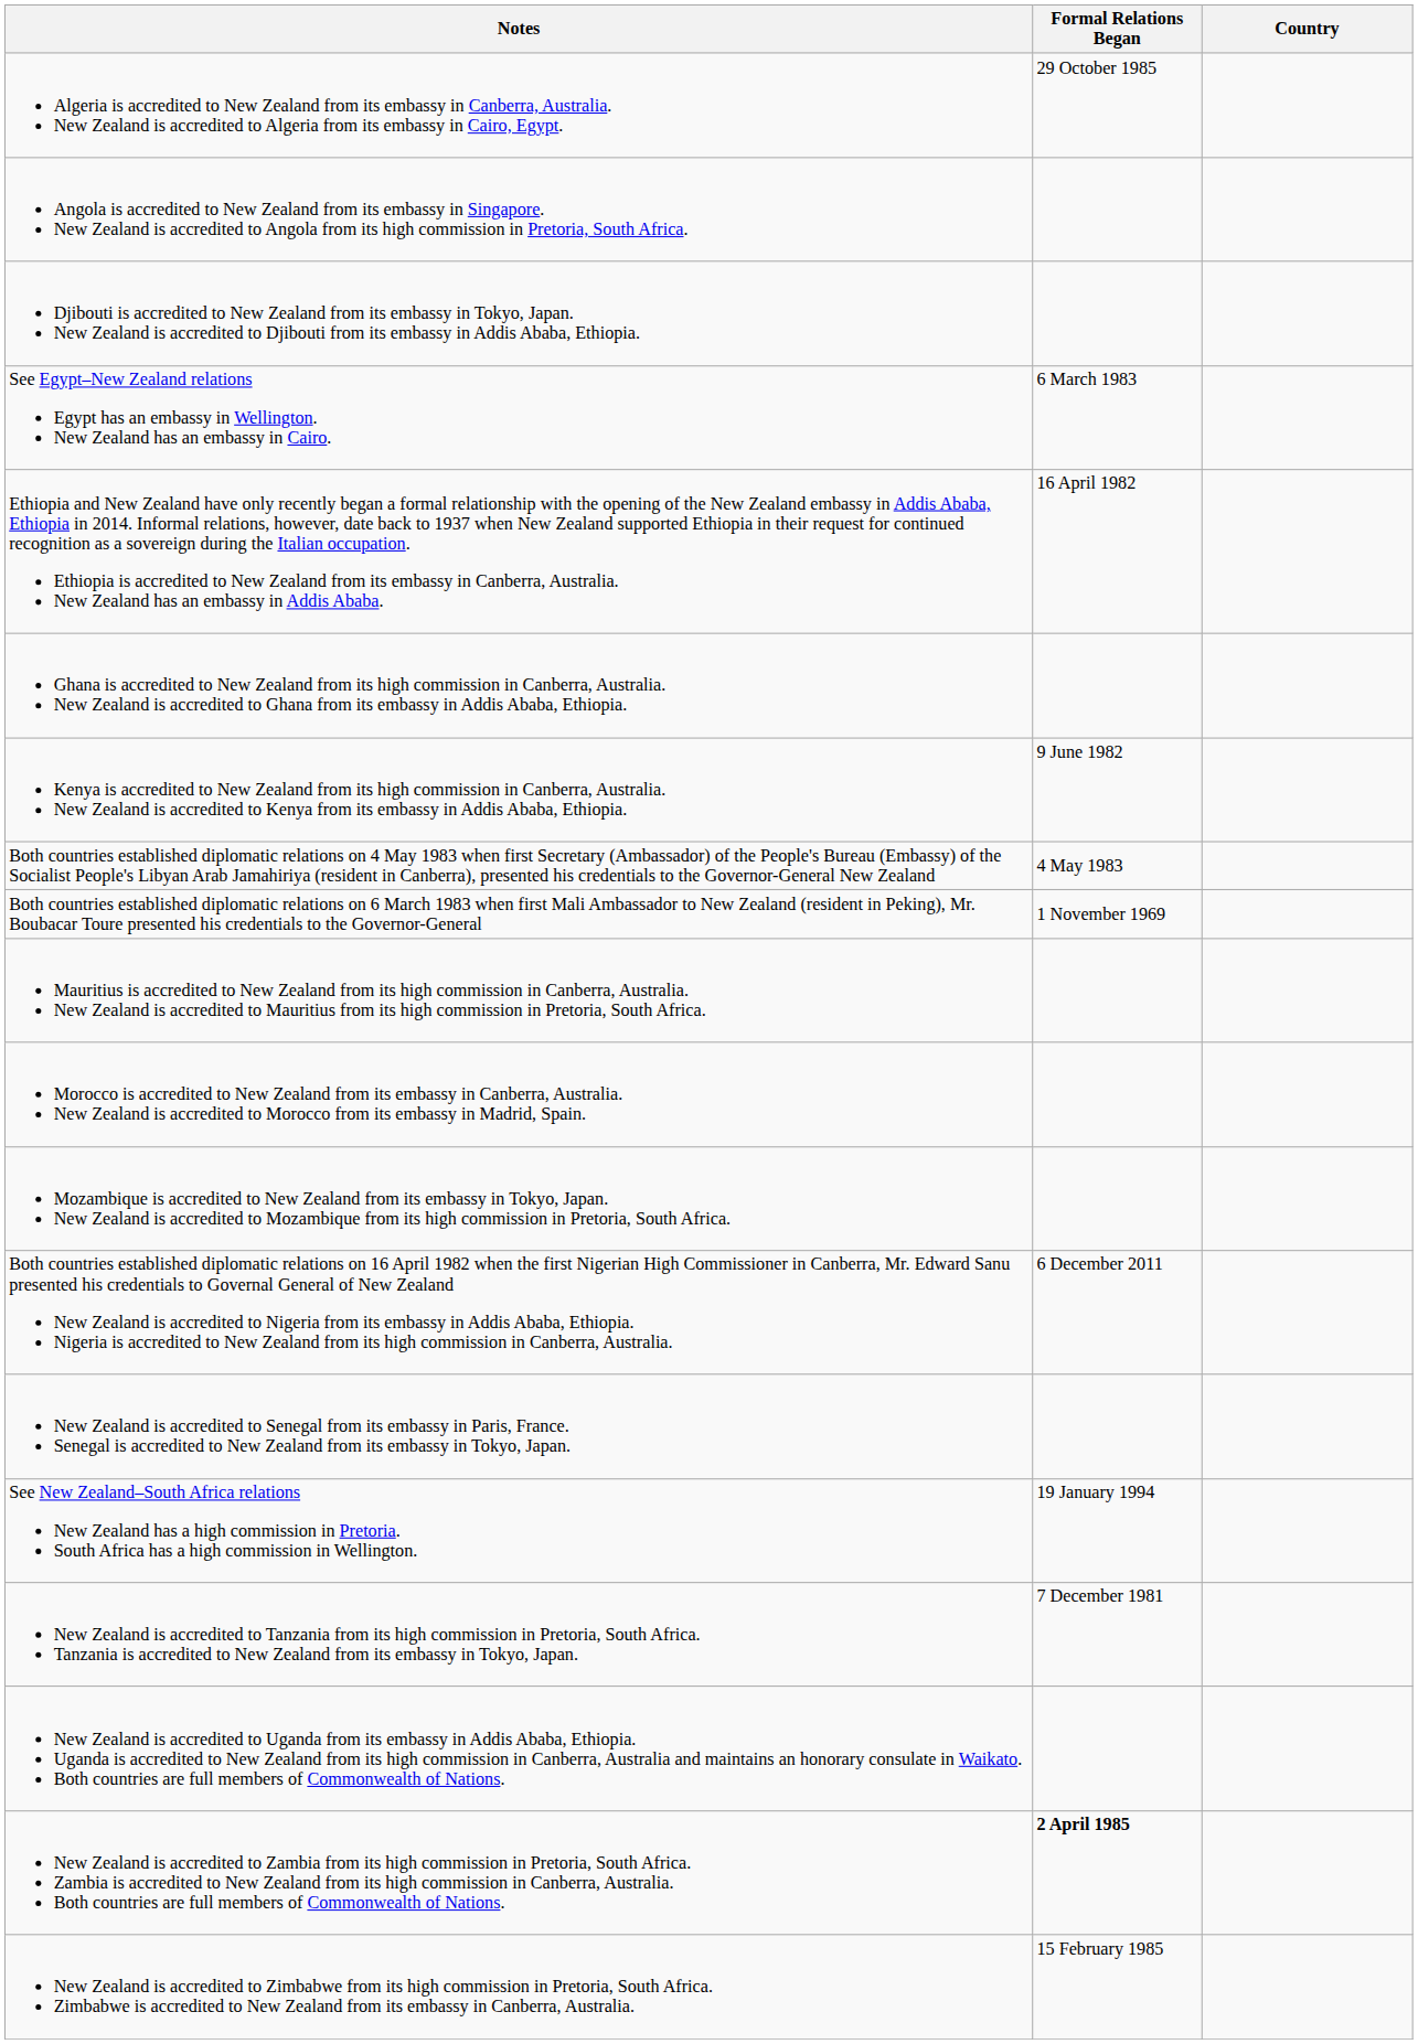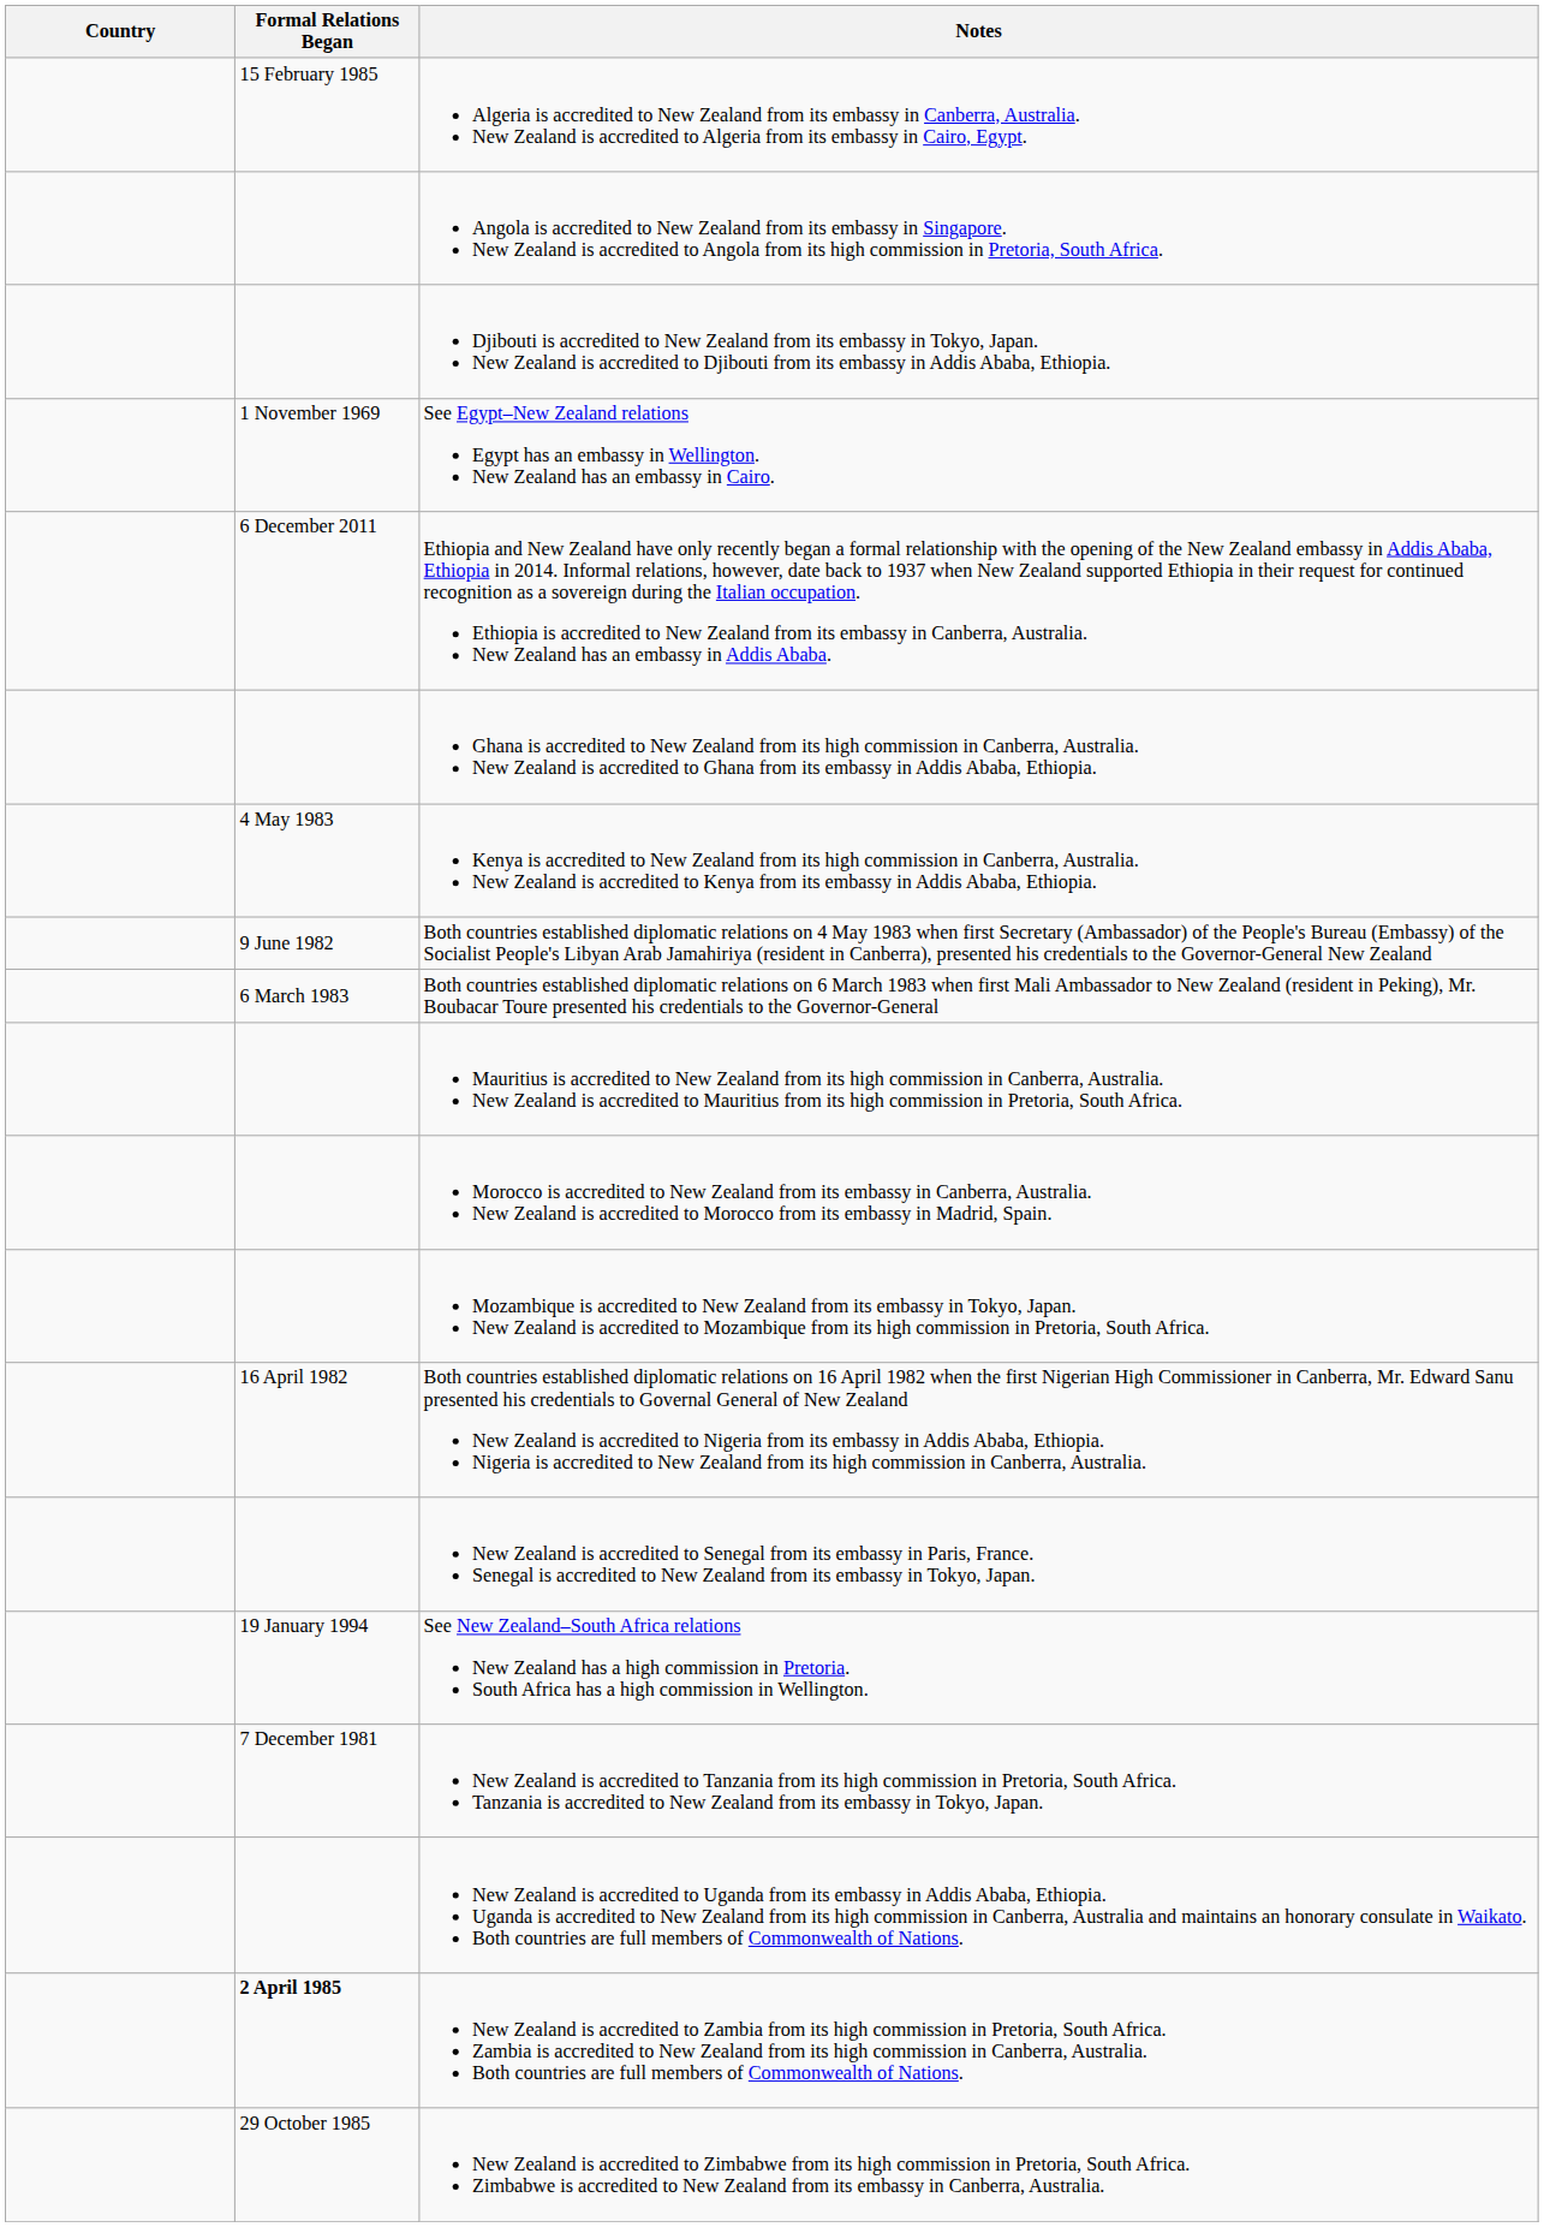 <table class="wikitable sortable" style="width:100%; margin:auto;">
 <tr>
+<th style="width:15%;">Country</th>
+<th style="width:12%;">Formal Relations Began</th>
 <th>Notes</th>
-<th style="width:12%;">Formal Relations Began</th>
-<th style="width:15%;">Country</th>
 </tr>
 <tr valign="top">
+<td></td>
+<td>15 February 1985</td>
 <td><br><ul><li>Algeria is accredited to New Zealand from its embassy in <a href='#'>Canberra, Australia</a>.</li><li>New Zealand is accredited to Algeria from its embassy in <a href='#'>Cairo, Egypt</a>.</li></ul></td>
-<td>29 October 1985</td>
-<td></td>
 </tr>
 <tr valign="top">
-<td><br><ul><li>Angola is accredited to New Zealand from its embassy in <a href='#'>Singapore</a>.</li><li>New Zealand is accredited to Angola from its high commission in <a href='#'>Pretoria, South Africa</a>.</li></ul></td>
 <td></td>
 <td></td>
+<td><br><ul><li>Angola is accredited to New Zealand from its embassy in <a href='#'>Singapore</a>.</li><li>New Zealand is accredited to Angola from its high commission in <a href='#'>Pretoria, South Africa</a>.</li></ul></td>
 </tr>
 <tr valign="top">
-<td><br><ul><li>Djibouti is accredited to New Zealand from its embassy in Tokyo, Japan.</li><li>New Zealand is accredited to Djibouti from its embassy in Addis Ababa, Ethiopia.</li></ul></td>
 <td></td>
 <td></td>
+<td><br><ul><li>Djibouti is accredited to New Zealand from its embassy in Tokyo, Japan.</li><li>New Zealand is accredited to Djibouti from its embassy in Addis Ababa, Ethiopia.</li></ul></td>
 </tr>
 <tr valign="top">
+<td></td>
+<td>1 November 1969</td>
 <td>See <a href='#'>Egypt–New Zealand relations</a><br><ul><li>Egypt has an embassy in <a href='#'>Wellington</a>.</li><li>New Zealand has an embassy in <a href='#'>Cairo</a>.</li></ul></td>
-<td>6 March 1983</td>
-<td></td>
 </tr>
 <tr valign="top">
+<td></td>
+<td>6 December 2011</td>
 <td><br>Ethiopia and New Zealand have only recently began a formal relationship with the opening of the New Zealand embassy in <a href='#'>Addis Ababa, Ethiopia</a> in 2014. Informal relations, however, date back to 1937 when New Zealand supported Ethiopia in their request for continued recognition as a sovereign during the <a href='#'>Italian occupation</a>.<ul><li>Ethiopia is accredited to New Zealand from its embassy in Canberra, Australia.</li><li>New Zealand has an embassy in <a href='#'>Addis Ababa</a>.</li></ul></td>
-<td>16 April 1982</td>
-<td></td>
 </tr>
 <tr valign="top">
-<td><br><ul><li>Ghana is accredited to New Zealand from its high commission in Canberra, Australia.</li><li>New Zealand is accredited to Ghana from its embassy in Addis Ababa, Ethiopia.</li></ul></td>
 <td></td>
 <td></td>
+<td><br><ul><li>Ghana is accredited to New Zealand from its high commission in Canberra, Australia.</li><li>New Zealand is accredited to Ghana from its embassy in Addis Ababa, Ethiopia.</li></ul></td>
 </tr>
 <tr valign="top">
+<td></td>
+<td>4 May 1983</td>
 <td><br><ul><li>Kenya is accredited to New Zealand from its high commission in Canberra, Australia.</li><li>New Zealand is accredited to Kenya from its embassy in Addis Ababa, Ethiopia.</li></ul></td>
-<td>9 June 1982</td>
-<td></td>
 </tr>
 <tr>
+<td></td>
+<td>9 June 1982</td>
 <td>Both countries established diplomatic relations on 4 May 1983 when first Secretary (Ambassador) of the People's Bureau (Embassy) of the Socialist People's Libyan Arab Jamahiriya (resident in Canberra), presented his credentials to the Governor-General New Zealand</td>
-<td>4 May 1983</td>
-<td></td>
 </tr>
 <tr>
+<td></td>
+<td>6 March 1983</td>
 <td>Both countries established diplomatic relations on 6 March 1983 when first Mali Ambassador to New Zealand (resident in Peking), Mr. Boubacar Toure presented his credentials to the Governor-General</td>
-<td>1 November 1969</td>
-<td></td>
 </tr>
 <tr valign="top">
-<td><br><ul><li>Mauritius is accredited to New Zealand from its high commission in Canberra, Australia.</li><li>New Zealand is accredited to Mauritius from its high commission in Pretoria, South Africa.</li></ul></td>
 <td></td>
 <td></td>
+<td><br><ul><li>Mauritius is accredited to New Zealand from its high commission in Canberra, Australia.</li><li>New Zealand is accredited to Mauritius from its high commission in Pretoria, South Africa.</li></ul></td>
 </tr>
 <tr valign="top">
-<td><br><ul><li>Morocco is accredited to New Zealand from its embassy in Canberra, Australia.</li><li>New Zealand is accredited to Morocco from its embassy in Madrid, Spain.</li></ul></td>
 <td></td>
 <td></td>
+<td><br><ul><li>Morocco is accredited to New Zealand from its embassy in Canberra, Australia.</li><li>New Zealand is accredited to Morocco from its embassy in Madrid, Spain.</li></ul></td>
 </tr>
 <tr valign="top">
-<td><br><ul><li>Mozambique is accredited to New Zealand from its embassy in Tokyo, Japan.</li><li>New Zealand is accredited to Mozambique from its high commission in Pretoria, South Africa.</li></ul></td>
 <td></td>
 <td></td>
+<td><br><ul><li>Mozambique is accredited to New Zealand from its embassy in Tokyo, Japan.</li><li>New Zealand is accredited to Mozambique from its high commission in Pretoria, South Africa.</li></ul></td>
 </tr>
 <tr valign="top">
+<td></td>
+<td>16 April 1982</td>
 <td>Both countries established diplomatic relations on 16 April 1982 when the first Nigerian High Commissioner in Canberra, Mr. Edward Sanu presented his credentials to Governal General of New Zealand<br><ul><li>New Zealand is accredited to Nigeria from its embassy in Addis Ababa, Ethiopia.</li><li>Nigeria is accredited to New Zealand from its high commission in Canberra, Australia.</li></ul></td>
-<td>6 December 2011</td>
-<td></td>
 </tr>
 <tr valign="top">
-<td><br><ul><li>New Zealand is accredited to Senegal from its embassy in Paris, France.</li><li>Senegal is accredited to New Zealand from its embassy in Tokyo, Japan.</li></ul></td>
 <td></td>
 <td></td>
+<td><br><ul><li>New Zealand is accredited to Senegal from its embassy in Paris, France.</li><li>Senegal is accredited to New Zealand from its embassy in Tokyo, Japan.</li></ul></td>
 </tr>
 <tr valign="top">
+<td></td>
+<td>19 January 1994</td>
 <td>See <a href='#'>New Zealand–South Africa relations</a><br><ul><li>New Zealand has a high commission in <a href='#'>Pretoria</a>.</li><li>South Africa has a high commission in Wellington.</li></ul></td>
-<td>19 January 1994</td>
-<td></td>
 </tr>
 <tr valign="top">
+<td></td>
+<td>7 December 1981</td>
 <td><br><ul><li>New Zealand is accredited to Tanzania from its high commission in Pretoria, South Africa.</li><li>Tanzania is accredited to New Zealand from its embassy in Tokyo, Japan.</li></ul></td>
-<td>7 December 1981</td>
-<td></td>
 </tr>
 <tr valign="top">
-<td><br><ul><li>New Zealand is accredited to Uganda from its embassy in Addis Ababa, Ethiopia.</li><li>Uganda is accredited to New Zealand from its high commission in Canberra, Australia and maintains an honorary consulate in <a href='#'>Waikato</a>.</li><li>Both countries are full members of <a href='#'>Commonwealth of Nations</a>.</li></ul></td>
 <td></td>
 <td></td>
+<td><br><ul><li>New Zealand is accredited to Uganda from its embassy in Addis Ababa, Ethiopia.</li><li>Uganda is accredited to New Zealand from its high commission in Canberra, Australia and maintains an honorary consulate in <a href='#'>Waikato</a>.</li><li>Both countries are full members of <a href='#'>Commonwealth of Nations</a>.</li></ul></td>
 </tr>
 <tr valign="top">
+<td></td>
+<td><strong>2 April 1985</strong></td>
 <td><br><ul><li>New Zealand is accredited to Zambia from its high commission in Pretoria, South Africa.</li><li>Zambia is accredited to New Zealand from its high commission in Canberra, Australia.</li><li>Both countries are full members of <a href='#'>Commonwealth of Nations</a>.</li></ul></td>
-<td><strong>2 April 1985</strong></td>
-<td></td>
 </tr>
 <tr valign="top">
+<td></td>
+<td>29 October 1985</td>
 <td><br><ul><li>New Zealand is accredited to Zimbabwe from its high commission in Pretoria, South Africa.</li><li>Zimbabwe is accredited to New Zealand from its embassy in Canberra, Australia.</li></ul></td>
-<td>15 February 1985</td>
-<td></td>
 </tr>
 </table>
